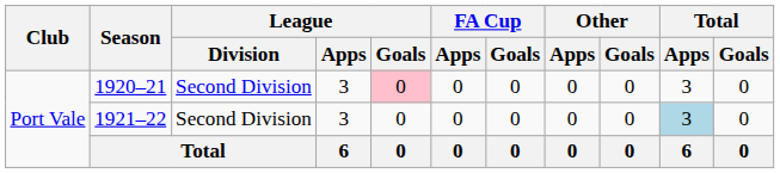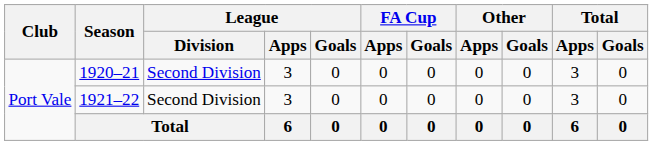 <table class="wikitable" style="text-align:center">
 <tr>
 <th rowspan="2">Club</th>
 <th rowspan="2">Season</th>
 <th colspan="3">League</th>
 <th colspan="2"><a href='#'>FA Cup</a></th>
 <th colspan="2">Other</th>
 <th colspan="2">Total</th>
 </tr>
 <tr>
 <th>Division</th>
 <th>Apps</th>
 <th>Goals</th>
 <th>Apps</th>
 <th>Goals</th>
 <th>Apps</th>
 <th>Goals</th>
 <th>Apps</th>
 <th>Goals</th>
 </tr>
 <tr>
 <td rowspan="3"><a href='#'>Port Vale</a></td>
 <td><a href='#'>1920–21</a></td>
 <td><a href='#'>Second Division</a></td>
 <td>3</td>
-<td style="background: pink;">0</td>
+<td>0</td>
 <td>0</td>
 <td>0</td>
 <td>0</td>
 <td>0</td>
 <td>3</td>
 <td>0</td>
 </tr>
 <tr>
 <td><a href='#'>1921–22</a></td>
 <td>Second Division</td>
 <td>3</td>
 <td>0</td>
 <td>0</td>
 <td>0</td>
 <td>0</td>
 <td>0</td>
-<td style="background: lightblue;">3</td>
+<td>3</td>
 <td>0</td>
 </tr>
 <tr>
 <th colspan="2">Total</th>
 <th>6</th>
 <th>0</th>
 <th>0</th>
 <th>0</th>
 <th>0</th>
 <th>0</th>
 <th>6</th>
 <th>0</th>
 </tr>
 </table>
